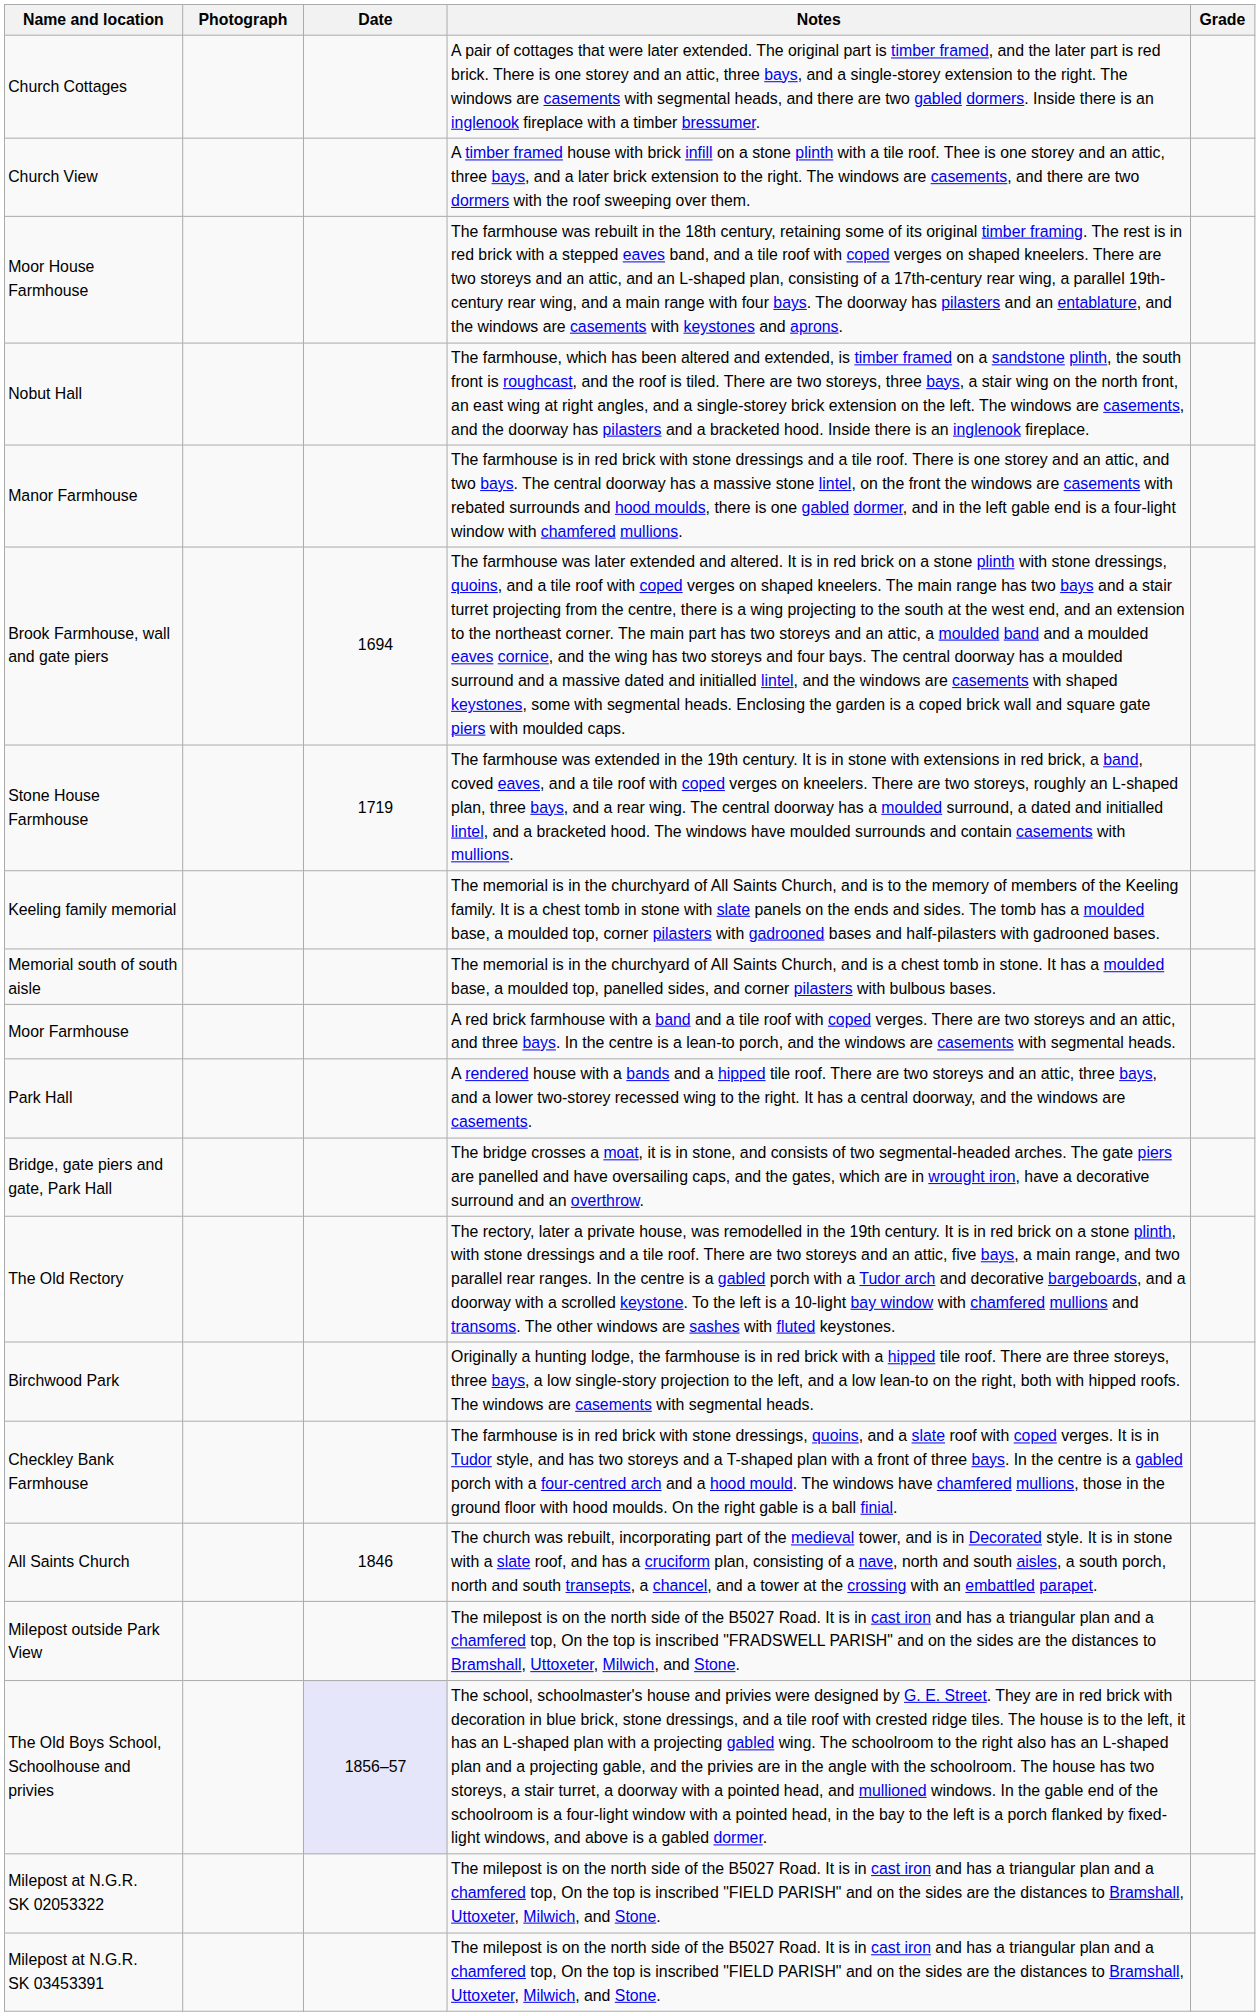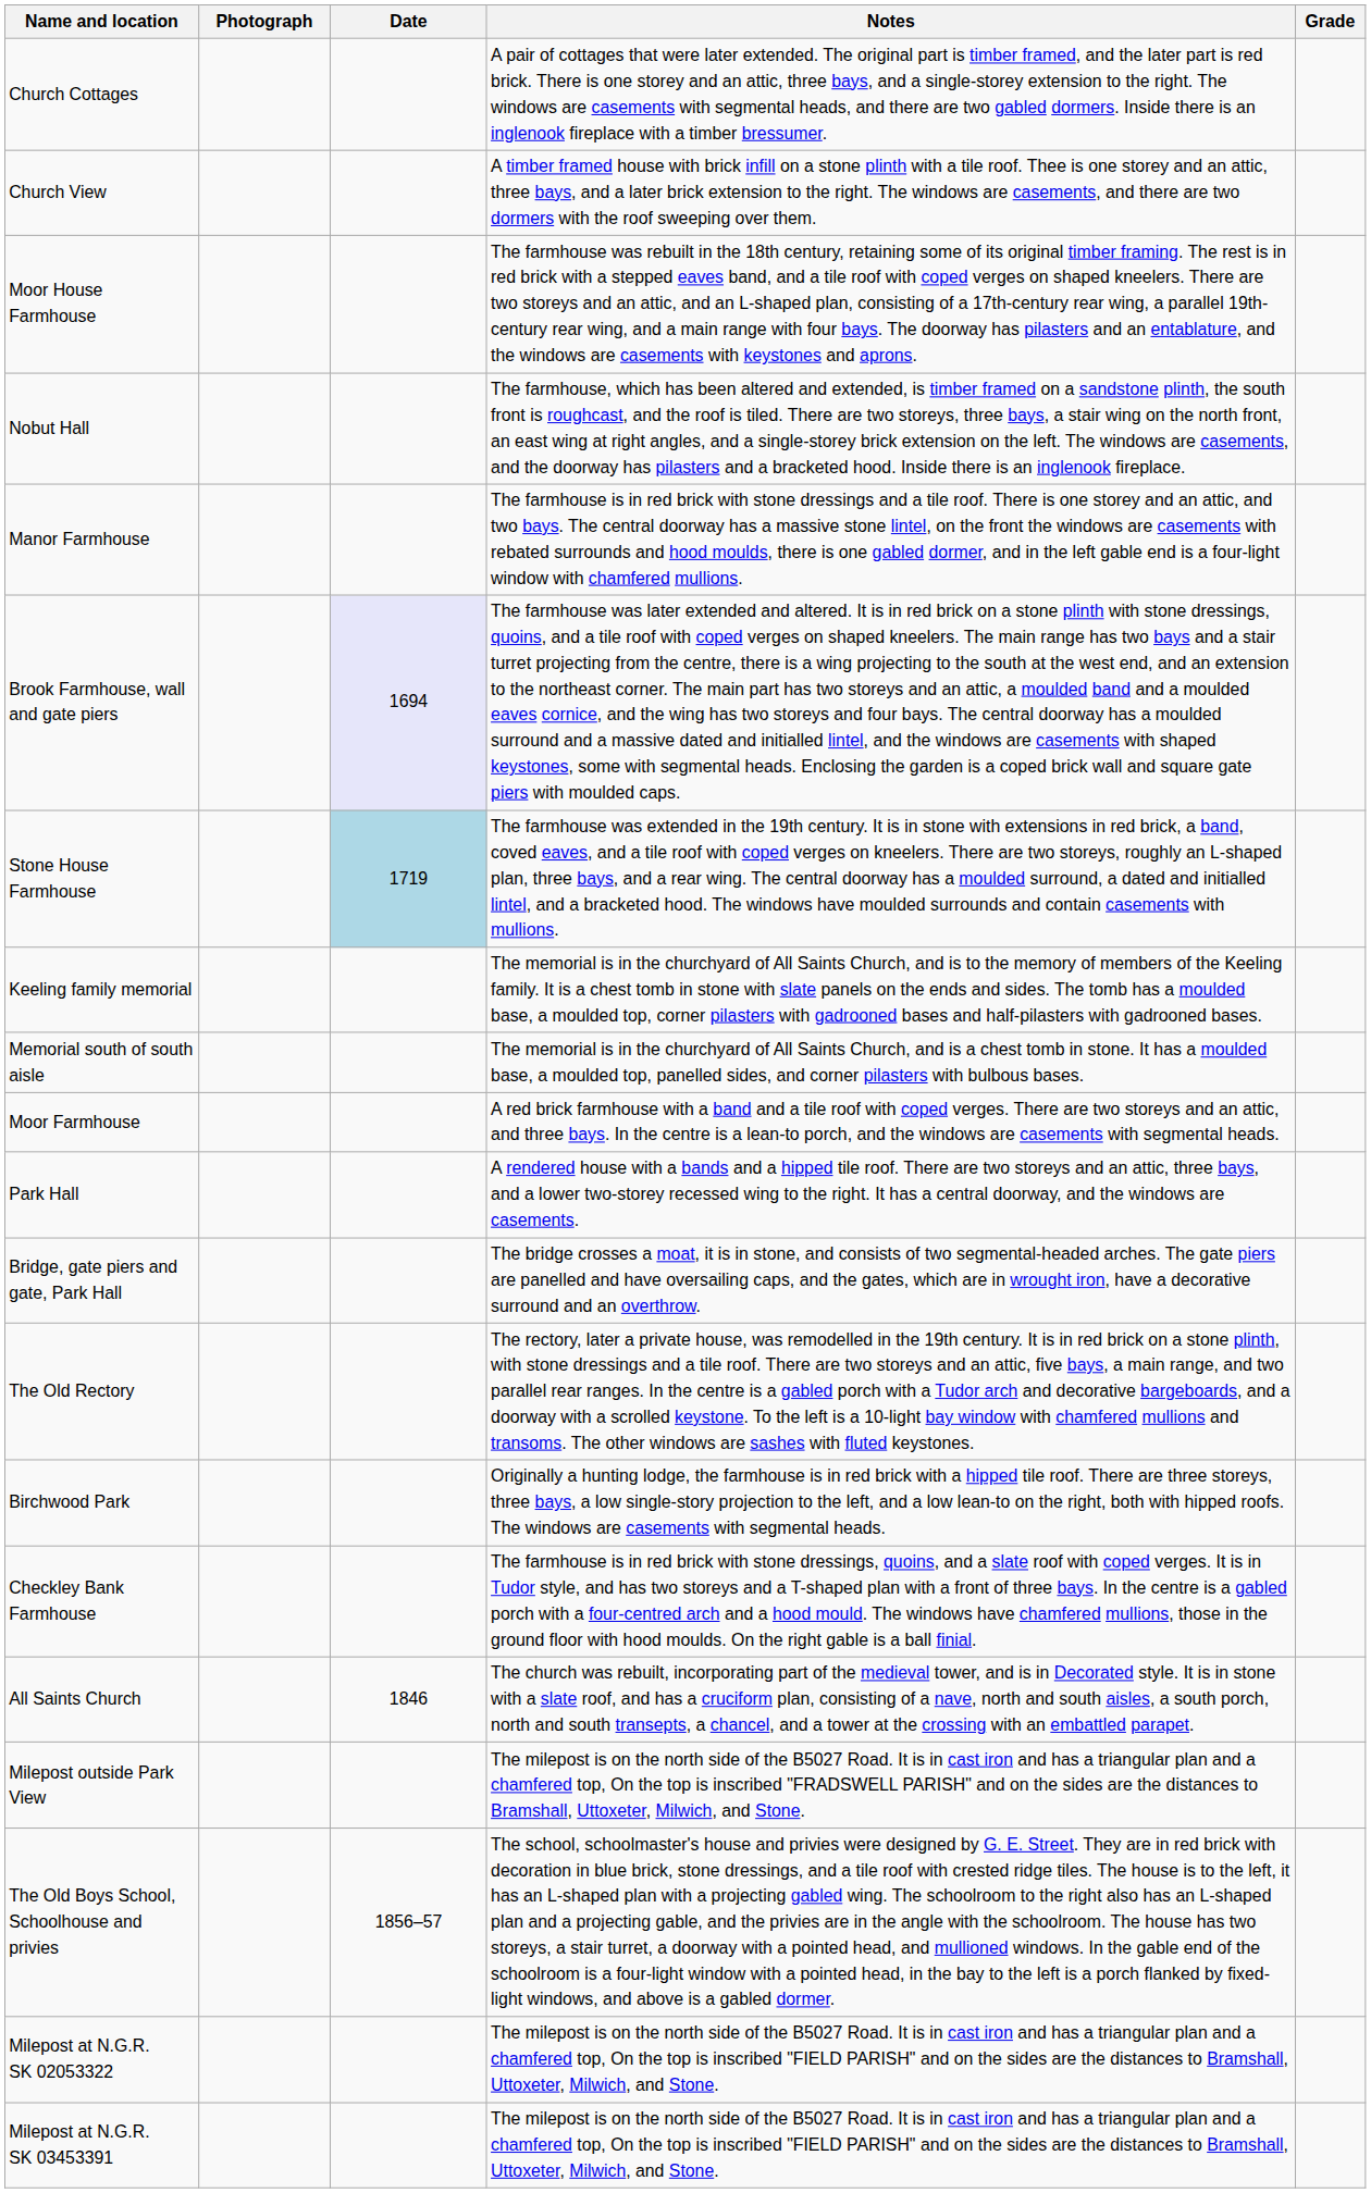 <table class="wikitable sortable plainrowheaders" style="width:100%; border:0; text-align:left; line-height:150%;">
 <tr>
 <th scope="col"  style="width:150px">Name and location</th>
 <th scope="col"  style="width:100px" class="unsortable">Photograph</th>
 <th scope="col"  style="width:120px">Date</th>
 <th scope="col"  style="width:650px" class="unsortable">Notes</th>
 <th scope="col"  style="width:50px">Grade</th>
 </tr>
 <tr>
 <td>Church Cottages<br><small></small></td>
 <td></td>
 <td align="center"></td>
 <td>A pair of cottages that were later extended.  The original part is <a href='#'>timber framed</a>, and the later part is red brick.  There is one storey and an attic, three <a href='#'>bays</a>, and a single-storey extension to the right.  The windows are <a href='#'>casements</a> with segmental heads, and there are two <a href='#'>gabled</a> <a href='#'>dormers</a>.  Inside there is an <a href='#'>inglenook</a> fireplace with a timber <a href='#'>bressumer</a>.</td>
 <td align="center" ></td>
 </tr>
 <tr>
 <td>Church View<br><small></small></td>
 <td></td>
 <td align="center"></td>
 <td>A <a href='#'>timber framed</a> house with brick <a href='#'>infill</a> on a stone <a href='#'>plinth</a> with a tile roof.  Thee is one storey and an attic, three <a href='#'>bays</a>, and a later brick extension to the right.  The windows are <a href='#'>casements</a>, and there are two <a href='#'>dormers</a> with the roof sweeping over them.</td>
 <td align="center" ></td>
 </tr>
 <tr>
 <td>Moor House Farmhouse<br><small></small></td>
 <td></td>
 <td align="center"></td>
 <td>The farmhouse was rebuilt in the 18th century, retaining some of its original <a href='#'>timber framing</a>.  The rest is in red brick with a stepped <a href='#'>eaves</a> band, and a tile roof with <a href='#'>coped</a> verges on shaped kneelers.  There are two storeys and an attic, and an L-shaped plan, consisting of a 17th-century rear wing, a parallel 19th-century rear wing, and a main range with four <a href='#'>bays</a>.  The doorway has <a href='#'>pilasters</a> and an <a href='#'>entablature</a>, and the windows are <a href='#'>casements</a> with <a href='#'>keystones</a> and <a href='#'>aprons</a>.</td>
 <td align="center" ></td>
 </tr>
 <tr>
 <td>Nobut Hall<br><small></small></td>
 <td></td>
 <td align="center"></td>
 <td>The farmhouse, which has been altered and extended, is <a href='#'>timber framed</a> on a <a href='#'>sandstone</a> <a href='#'>plinth</a>, the south front is <a href='#'>roughcast</a>, and the roof is tiled.  There are two storeys, three <a href='#'>bays</a>, a stair wing on the north front, an east wing at right angles, and a single-storey brick extension on the left.  The windows are <a href='#'>casements</a>, and the doorway has <a href='#'>pilasters</a> and a bracketed hood.  Inside there is an <a href='#'>inglenook</a> fireplace.</td>
 <td align="center" ></td>
 </tr>
 <tr>
 <td>Manor Farmhouse<br><small></small></td>
 <td></td>
 <td align="center"></td>
 <td>The farmhouse is in red brick with stone dressings and a tile roof.  There is one storey and an attic, and two <a href='#'>bays</a>.  The central doorway has a massive stone <a href='#'>lintel</a>, on the front the windows are <a href='#'>casements</a> with rebated surrounds and <a href='#'>hood moulds</a>, there is one <a href='#'>gabled</a> <a href='#'>dormer</a>, and in the left gable end is a four-light window with <a href='#'>chamfered</a> <a href='#'>mullions</a>.</td>
 <td align="center" ></td>
 </tr>
 <tr>
 <td>Brook Farmhouse, wall and gate piers<br><small></small></td>
 <td></td>
-<td align="center">1694</td>
+<td align="center" style="background: lavender;">1694</td>
 <td>The farmhouse was later extended and altered.  It is in red brick on a stone <a href='#'>plinth</a> with stone dressings, <a href='#'>quoins</a>, and a tile roof with <a href='#'>coped</a> verges on shaped kneelers.  The main range has two <a href='#'>bays</a> and a stair turret projecting from the centre, there is a wing projecting to the south at the west end, and an extension to the northeast corner.  The main part has two storeys and an attic, a <a href='#'>moulded</a> <a href='#'>band</a> and a moulded <a href='#'>eaves</a> <a href='#'>cornice</a>, and the wing has two storeys and four bays. The central doorway has a moulded surround and a massive dated and initialled <a href='#'>lintel</a>, and the windows are <a href='#'>casements</a> with shaped <a href='#'>keystones</a>, some with segmental heads.  Enclosing the garden is a coped brick wall and square gate <a href='#'>piers</a> with moulded caps.</td>
 <td align="center" ></td>
 </tr>
 <tr>
 <td>Stone House Farmhouse<br><small></small></td>
 <td></td>
-<td align="center">1719</td>
+<td align="center" style="background: lightblue;">1719</td>
 <td>The farmhouse was extended in the 19th century.  It is in stone with extensions in red brick, a <a href='#'>band</a>, coved <a href='#'>eaves</a>, and a tile roof with <a href='#'>coped</a> verges on kneelers.  There are two storeys, roughly an L-shaped plan, three <a href='#'>bays</a>, and a rear wing.  The central doorway has a <a href='#'>moulded</a> surround, a dated and initialled <a href='#'>lintel</a>, and a bracketed hood.  The windows have moulded surrounds and contain <a href='#'>casements</a> with <a href='#'>mullions</a>.</td>
 <td align="center" ></td>
 </tr>
 <tr>
 <td>Keeling family memorial<br><small></small></td>
 <td></td>
 <td align="center"></td>
 <td>The memorial is in the churchyard of All Saints Church, and is to the memory of members of the Keeling family.  It is a chest tomb in stone with <a href='#'>slate</a> panels on the ends and sides.  The tomb has a <a href='#'>moulded</a> base, a moulded top, corner <a href='#'>pilasters</a> with <a href='#'>gadrooned</a> bases and half-pilasters with gadrooned bases.</td>
 <td align="center" ></td>
 </tr>
 <tr>
 <td>Memorial south of south aisle<br><small></small></td>
 <td></td>
 <td align="center"></td>
 <td>The memorial is in the churchyard of All Saints Church, and is a chest tomb in stone.  It has a <a href='#'>moulded</a> base, a moulded top, panelled sides, and corner <a href='#'>pilasters</a> with bulbous bases.</td>
 <td align="center" ></td>
 </tr>
 <tr>
 <td>Moor Farmhouse<br><small></small></td>
 <td></td>
 <td align="center"></td>
 <td>A red brick farmhouse with a <a href='#'>band</a> and a tile roof with <a href='#'>coped</a> verges.  There are two storeys and an attic, and three <a href='#'>bays</a>.  In the centre is a lean-to porch, and the windows are <a href='#'>casements</a> with segmental heads.</td>
 <td align="center" ></td>
 </tr>
 <tr>
 <td>Park Hall<br><small></small></td>
 <td></td>
 <td align="center"></td>
 <td>A <a href='#'>rendered</a> house with a <a href='#'>bands</a> and a <a href='#'>hipped</a> tile roof.  There are two storeys and an attic, three <a href='#'>bays</a>, and a lower two-storey recessed wing to the right.  It has a central doorway, and the windows are <a href='#'>casements</a>.</td>
 <td align="center" ></td>
 </tr>
 <tr>
 <td>Bridge, gate piers and gate, Park Hall<br><small></small></td>
 <td></td>
 <td align="center"></td>
 <td>The bridge crosses a <a href='#'>moat</a>, it is in stone, and consists of two segmental-headed arches.  The gate <a href='#'>piers</a> are panelled and have oversailing caps, and the gates, which are in <a href='#'>wrought iron</a>, have a decorative surround and an <a href='#'>overthrow</a>.</td>
 <td align="center" ></td>
 </tr>
 <tr>
 <td>The Old Rectory<br><small></small></td>
 <td></td>
 <td align="center"></td>
 <td>The rectory, later a private house, was remodelled in the 19th century.  It is in red brick on a stone <a href='#'>plinth</a>, with stone dressings and a tile roof.  There are two storeys and an attic, five <a href='#'>bays</a>, a main range, and two parallel rear ranges.  In the centre is a <a href='#'>gabled</a> porch with a <a href='#'>Tudor arch</a> and decorative <a href='#'>bargeboards</a>, and a doorway with a scrolled <a href='#'>keystone</a>.  To the left is a 10-light <a href='#'>bay window</a> with <a href='#'>chamfered</a> <a href='#'>mullions</a> and <a href='#'>transoms</a>.  The other windows are <a href='#'>sashes</a> with <a href='#'>fluted</a> keystones.</td>
 <td align="center" ></td>
 </tr>
 <tr>
 <td>Birchwood Park<br><small></small></td>
 <td></td>
 <td align="center"></td>
 <td>Originally a hunting lodge, the farmhouse is in red brick with a <a href='#'>hipped</a> tile roof.  There are three storeys, three <a href='#'>bays</a>, a low single-story projection to the left, and a low lean-to on the right, both with hipped roofs.  The windows are <a href='#'>casements</a> with segmental heads.</td>
 <td align="center" ></td>
 </tr>
 <tr>
 <td>Checkley Bank Farmhouse<br><small></small></td>
 <td></td>
 <td align="center"></td>
 <td>The farmhouse is in red brick with stone dressings, <a href='#'>quoins</a>, and a <a href='#'>slate</a> roof with <a href='#'>coped</a> verges.  It is in <a href='#'>Tudor</a> style, and has two storeys and a T-shaped plan with a front of three <a href='#'>bays</a>.  In the centre is a <a href='#'>gabled</a> porch with a <a href='#'>four-centred arch</a> and a <a href='#'>hood mould</a>.  The windows have <a href='#'>chamfered</a> <a href='#'>mullions</a>, those in the ground floor with hood moulds.  On the right gable is a ball <a href='#'>finial</a>.</td>
 <td align="center" ></td>
 </tr>
 <tr>
 <td>All Saints Church<br><small></small></td>
 <td></td>
 <td align="center">1846</td>
 <td>The church was rebuilt, incorporating part of the <a href='#'>medieval</a> tower, and is in <a href='#'>Decorated</a> style.  It is in stone with a <a href='#'>slate</a> roof, and has a <a href='#'>cruciform</a> plan, consisting of a <a href='#'>nave</a>, north and south <a href='#'>aisles</a>, a south porch, north and south <a href='#'>transepts</a>, a <a href='#'>chancel</a>, and a tower at the <a href='#'>crossing</a> with an <a href='#'>embattled</a> <a href='#'>parapet</a>.</td>
 <td align="center" ></td>
 </tr>
 <tr>
 <td>Milepost outside Park View<br><small></small></td>
 <td></td>
 <td align="center"></td>
 <td>The milepost is on the north side of the B5027 Road.  It is in <a href='#'>cast iron</a> and has a triangular plan and a <a href='#'>chamfered</a> top,  On the top is inscribed "FRADSWELL PARISH" and on the sides are the distances to <a href='#'>Bramshall</a>,  <a href='#'>Uttoxeter</a>, <a href='#'>Milwich</a>, and <a href='#'>Stone</a>.</td>
 <td align="center" ></td>
 </tr>
 <tr>
 <td>The Old Boys School, Schoolhouse and privies<br><small></small></td>
 <td></td>
-<td align="center" style="background: lavender;">1856–57</td>
+<td align="center">1856–57</td>
 <td>The school, schoolmaster's house and privies were designed by <a href='#'>G. E. Street</a>.  They are in red brick with decoration in blue brick, stone dressings, and a tile roof with crested ridge tiles.  The house is to the left, it has an L-shaped plan with a projecting <a href='#'>gabled</a> wing.  The schoolroom to the right also has an L-shaped plan and a projecting gable, and the privies are in the angle with the schoolroom.  The house has two storeys, a stair turret, a doorway with a pointed head, and <a href='#'>mullioned</a> windows.  In the gable end of the schoolroom is a four-light window with a pointed head, in the bay to the left is a porch flanked by fixed-light windows, and above is a gabled <a href='#'>dormer</a>.</td>
 <td align="center" ></td>
 </tr>
 <tr>
 <td>Milepost at N.G.R. SK 02053322<br><small></small></td>
 <td></td>
 <td align="center"></td>
 <td>The milepost is on the north side of the B5027 Road.  It is in <a href='#'>cast iron</a> and has a triangular plan and a <a href='#'>chamfered</a> top,  On the top is inscribed "FIELD PARISH" and on the sides are the distances to <a href='#'>Bramshall</a>,  <a href='#'>Uttoxeter</a>, <a href='#'>Milwich</a>, and <a href='#'>Stone</a>.</td>
 <td align="center" ></td>
 </tr>
 <tr>
 <td>Milepost at N.G.R. SK 03453391 <br><small></small></td>
 <td></td>
 <td align="center"></td>
 <td>The milepost is on the north side of the B5027 Road.  It is in <a href='#'>cast iron</a> and has a triangular plan and a <a href='#'>chamfered</a> top,  On the top is inscribed "FIELD PARISH" and on the sides are the distances to <a href='#'>Bramshall</a>,  <a href='#'>Uttoxeter</a>, <a href='#'>Milwich</a>, and <a href='#'>Stone</a>.</td>
 <td align="center" ></td>
 </tr>
 <tr>
 </tr>
 </table>
